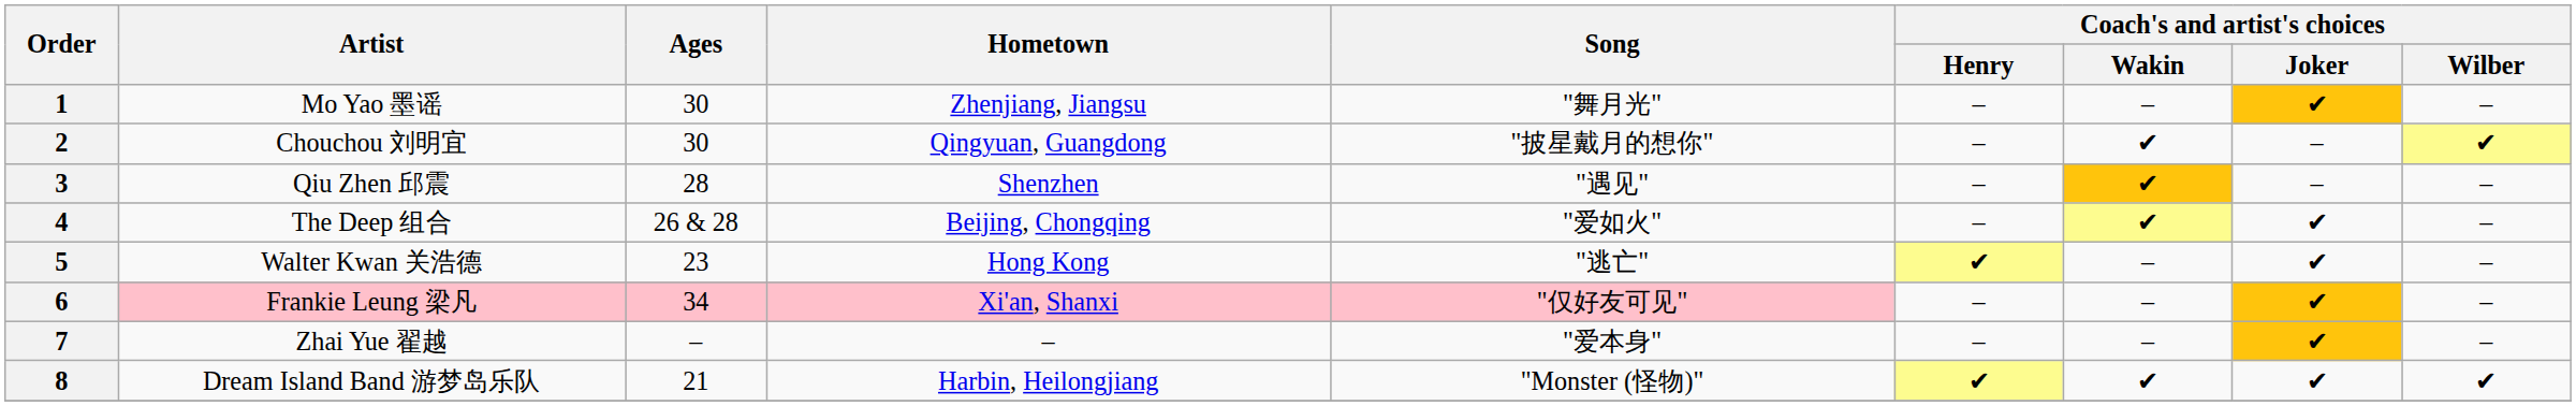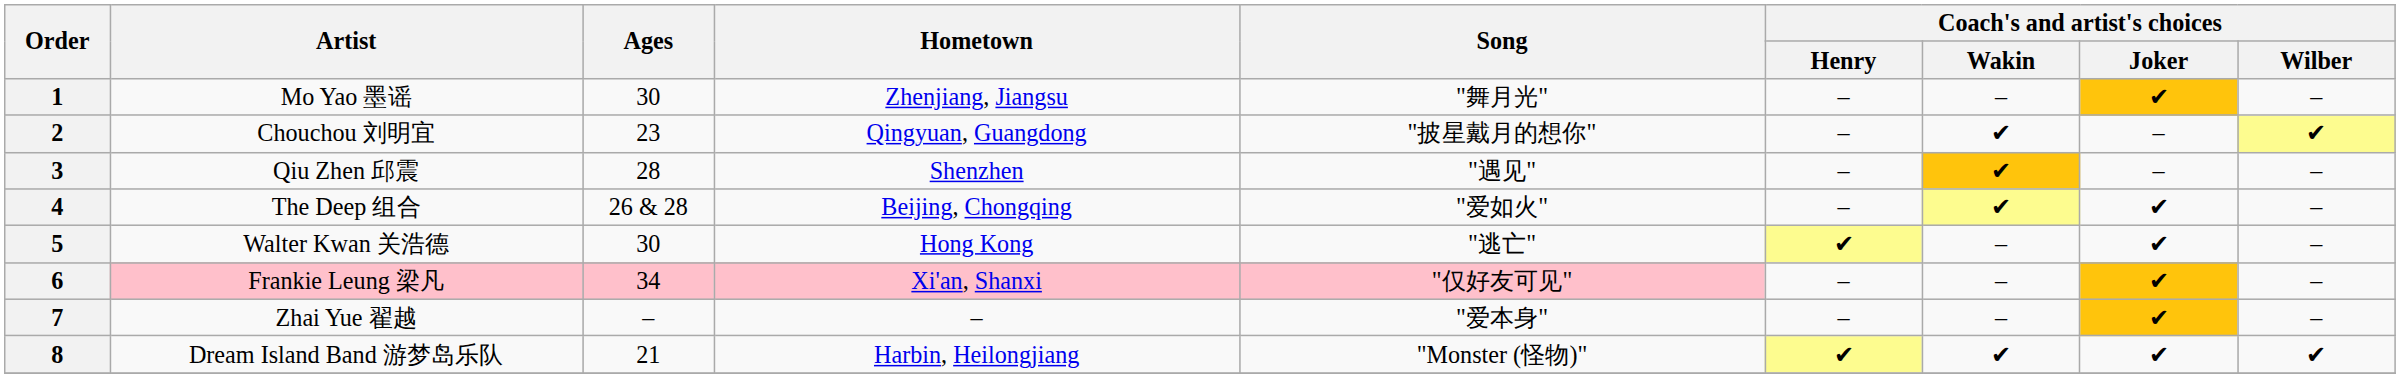 <table class="wikitable" style="text-align:center; line-height:17px; width:100%">
 <tr>
 <th scope="col" rowspan="2" style="width:04%">Order</th>
 <th scope="col" rowspan="2" style="width:18%">Artist</th>
 <th scope="col" rowspan="2" style="width:05%">Ages</th>
 <th scope="col" rowspan="2" style="width:20%">Hometown</th>
 <th scope="col" rowspan="2" style="width:20%">Song</th>
 <th scope="col" colspan="4" style="width:24%">Coach's and artist's choices</th>
 </tr>
 <tr>
 <th style="width:06%">Henry</th>
 <th style="width:06%">Wakin</th>
 <th style="width:06%">Joker</th>
 <th style="width:06%">Wilber</th>
 </tr>
 <tr>
 <th>1</th>
 <td> Mo Yao 墨谣</td>
 <td>30</td>
 <td><a href='#'>Zhenjiang</a>, <a href='#'>Jiangsu</a></td>
 <td>"舞月光"</td>
 <td>–</td>
 <td>–</td>
 <td style="background:#FFC40C;">✔</td>
 <td>–</td>
 </tr>
 <tr>
 <th>2</th>
 <td> Chouchou 刘明宜</td>
-<td>30</td>
+<td>23</td>
 <td><a href='#'>Qingyuan</a>, <a href='#'>Guangdong</a></td>
 <td>"披星戴月的想你"</td>
 <td>–</td>
 <td>✔</td>
 <td>–</td>
 <td style="background:#fdfc8f">✔</td>
 </tr>
 <tr>
 <th>3</th>
 <td> Qiu Zhen 邱震</td>
 <td>28</td>
 <td><a href='#'>Shenzhen</a></td>
 <td>"遇见"</td>
 <td>–</td>
 <td style="background:#FFC40C;">✔</td>
 <td>–</td>
 <td>–</td>
 </tr>
 <tr>
 <th>4</th>
 <td> The Deep 组合</td>
 <td>26 & 28</td>
 <td><a href='#'>Beijing</a>, <a href='#'>Chongqing</a></td>
 <td>"爱如火"</td>
 <td>–</td>
 <td style="background:#fdfc8f">✔</td>
 <td>✔</td>
 <td>–</td>
 </tr>
 <tr>
 <th>5</th>
 <td> Walter Kwan 关浩德</td>
-<td>23</td>
+<td>30</td>
 <td><a href='#'>Hong Kong</a></td>
 <td>"逃亡"</td>
 <td style="background:#fdfc8f">✔</td>
 <td>–</td>
 <td>✔</td>
 <td>–</td>
 </tr>
 <tr>
 <th>6</th>
 <td style="background:pink;"> Frankie Leung 梁凡</td>
 <td style="background:pink;">34</td>
 <td style="background:pink;"><a href='#'>Xi'an</a>, <a href='#'>Shanxi</a></td>
 <td style="background:pink;">"仅好友可见"</td>
 <td>–</td>
 <td>–</td>
 <td style="background:#FFC40C;">✔</td>
 <td>–</td>
 </tr>
 <tr>
 <th>7</th>
 <td> Zhai Yue 翟越</td>
 <td>–</td>
 <td>–</td>
 <td>"爱本身"</td>
 <td>–</td>
 <td>–</td>
 <td style="background:#FFC40C;">✔</td>
 <td>–</td>
 </tr>
 <tr>
 <th>8</th>
 <td> Dream Island Band 游梦岛乐队</td>
 <td>21</td>
 <td><a href='#'>Harbin</a>, <a href='#'>Heilongjiang</a></td>
 <td>"Monster (怪物)"</td>
 <td style="background:#fdfc8f">✔</td>
 <td>✔</td>
 <td>✔</td>
 <td>✔</td>
 </tr>
 <tr>
 </tr>
 </table>
